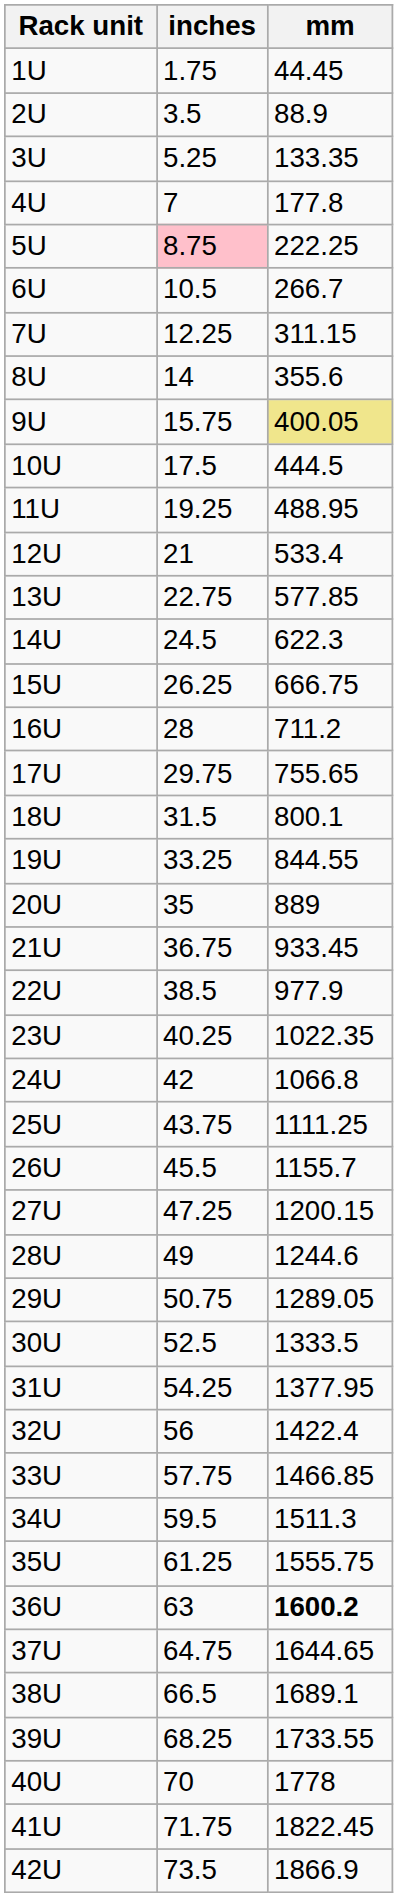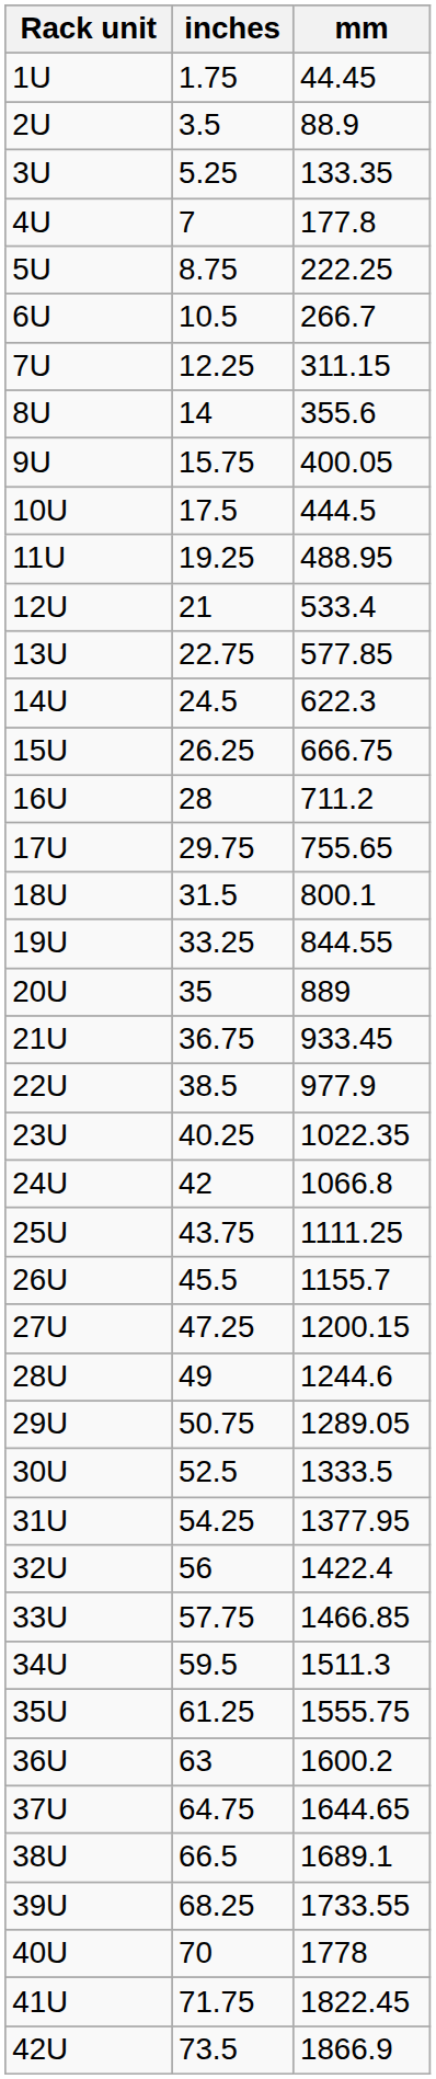 <table class="wikitable collapsible collapsed" style="min-width: 225px;">
 <tr>
 <th scope="col">Rack unit</th>
 <th scope="col">inches</th>
 <th scope="col">mm</th>
 </tr>
 <tr>
 <td>1U</td>
 <td>1.75</td>
 <td>44.45</td>
 </tr>
 <tr>
 <td>2U</td>
 <td>3.5</td>
 <td>88.9</td>
 </tr>
 <tr>
 <td>3U</td>
 <td>5.25</td>
 <td>133.35</td>
 </tr>
 <tr>
 <td>4U</td>
 <td>7</td>
 <td>177.8</td>
 </tr>
 <tr>
 <td>5U</td>
-<td style="background: pink;">8.75</td>
+<td>8.75</td>
 <td>222.25</td>
 </tr>
 <tr>
 <td>6U</td>
 <td>10.5</td>
 <td>266.7</td>
 </tr>
 <tr>
 <td>7U</td>
 <td>12.25</td>
 <td>311.15</td>
 </tr>
 <tr>
 <td>8U</td>
 <td>14</td>
 <td>355.6</td>
 </tr>
 <tr>
 <td>9U</td>
 <td>15.75</td>
-<td style="background: khaki;">400.05</td>
+<td>400.05</td>
 </tr>
 <tr>
 <td>10U</td>
 <td>17.5</td>
 <td>444.5</td>
 </tr>
 <tr>
 <td>11U</td>
 <td>19.25</td>
 <td>488.95</td>
 </tr>
 <tr>
 <td>12U</td>
 <td>21</td>
 <td>533.4</td>
 </tr>
 <tr>
 <td>13U</td>
 <td>22.75</td>
 <td>577.85</td>
 </tr>
 <tr>
 <td>14U</td>
 <td>24.5</td>
 <td>622.3</td>
 </tr>
 <tr>
 <td>15U</td>
 <td>26.25</td>
 <td>666.75</td>
 </tr>
 <tr>
 <td>16U</td>
 <td>28</td>
 <td>711.2</td>
 </tr>
 <tr>
 <td>17U</td>
 <td>29.75</td>
 <td>755.65</td>
 </tr>
 <tr>
 <td>18U</td>
 <td>31.5</td>
 <td>800.1</td>
 </tr>
 <tr>
 <td>19U</td>
 <td>33.25</td>
 <td>844.55</td>
 </tr>
 <tr>
 <td>20U</td>
 <td>35</td>
 <td>889</td>
 </tr>
 <tr>
 <td>21U</td>
 <td>36.75</td>
 <td>933.45</td>
 </tr>
 <tr>
 <td>22U</td>
 <td>38.5</td>
 <td>977.9</td>
 </tr>
 <tr>
 <td>23U</td>
 <td>40.25</td>
 <td>1022.35</td>
 </tr>
 <tr>
 <td>24U</td>
 <td>42</td>
 <td>1066.8</td>
 </tr>
 <tr>
 <td>25U</td>
 <td>43.75</td>
 <td>1111.25</td>
 </tr>
 <tr>
 <td>26U</td>
 <td>45.5</td>
 <td>1155.7</td>
 </tr>
 <tr>
 <td>27U</td>
 <td>47.25</td>
 <td>1200.15</td>
 </tr>
 <tr>
 <td>28U</td>
 <td>49</td>
 <td>1244.6</td>
 </tr>
 <tr>
 <td>29U</td>
 <td>50.75</td>
 <td>1289.05</td>
 </tr>
 <tr>
 <td>30U</td>
 <td>52.5</td>
 <td>1333.5</td>
 </tr>
 <tr>
 <td>31U</td>
 <td>54.25</td>
 <td>1377.95</td>
 </tr>
 <tr>
 <td>32U</td>
 <td>56</td>
 <td>1422.4</td>
 </tr>
 <tr>
 <td>33U</td>
 <td>57.75</td>
 <td>1466.85</td>
 </tr>
 <tr>
 <td>34U</td>
 <td>59.5</td>
 <td>1511.3</td>
 </tr>
 <tr>
 <td>35U</td>
 <td>61.25</td>
 <td>1555.75</td>
 </tr>
 <tr>
 <td>36U</td>
 <td>63</td>
-<td><strong>1600.2</strong></td>
+<td>1600.2</td>
 </tr>
 <tr>
 <td>37U</td>
 <td>64.75</td>
 <td>1644.65</td>
 </tr>
 <tr>
 <td>38U</td>
 <td>66.5</td>
 <td>1689.1</td>
 </tr>
 <tr>
 <td>39U</td>
 <td>68.25</td>
 <td>1733.55</td>
 </tr>
 <tr>
 <td>40U</td>
 <td>70</td>
 <td>1778</td>
 </tr>
 <tr>
 <td>41U</td>
 <td>71.75</td>
 <td>1822.45</td>
 </tr>
 <tr>
 <td>42U</td>
 <td>73.5</td>
 <td>1866.9</td>
 </tr>
 </table>
